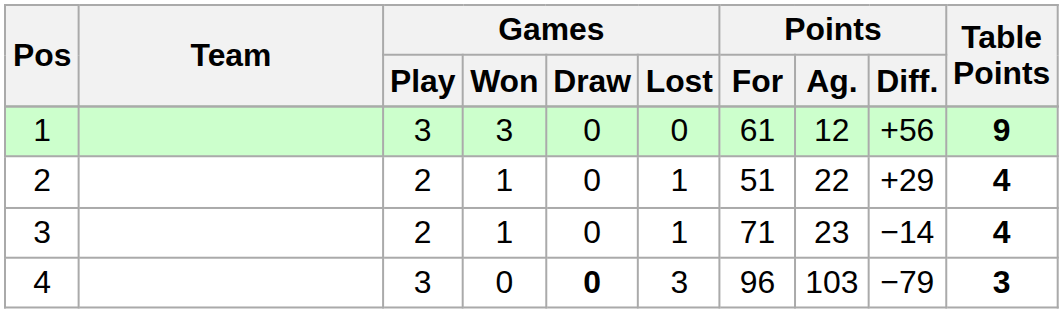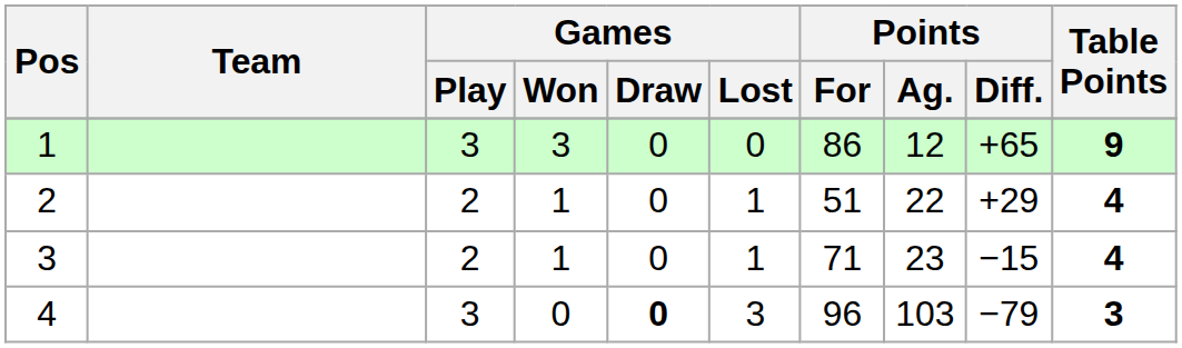 <table class="wikitable">
 <tr>
 <th rowspan=2 width=30>Pos</th>
 <th rowspan=2 width=145>Team</th>
 <th colspan=4 width=120>Games</th>
 <th colspan=3 width=90>Points</th>
 <th rowspan=2 width=30>Table <br>Points</th>
 </tr>
 <tr>
 <th width=30>Play</th>
 <th width=30>Won</th>
 <th width=30>Draw</th>
 <th width=30>Lost</th>
 <th width=30>For</th>
 <th width=30>Ag.</th>
 <th width=30>Diff.</th>
 </tr>
 <tr>
 </tr>
 <tr bgcolor=#ccffcc align=center>
 <td>1</td>
 <td align=left></td>
 <td>3</td>
 <td>3</td>
 <td>0</td>
 <td>0</td>
-<td>61</td>
+<td>86</td>
 <td>12</td>
-<td>+56</td>
+<td>+65</td>
 <td><strong>9</strong></td>
 </tr>
 <tr bgcolor=#ffffff align=center>
 <td>2</td>
 <td align=left></td>
 <td>2</td>
 <td>1</td>
 <td>0</td>
 <td>1</td>
 <td>51</td>
 <td>22</td>
 <td>+29</td>
 <td><strong>4</strong></td>
 </tr>
 <tr bgcolor=#ffffff align=center>
 <td>3</td>
 <td align=left></td>
 <td>2</td>
 <td>1</td>
 <td>0</td>
 <td>1</td>
 <td>71</td>
 <td>23</td>
-<td>−14</td>
+<td>−15</td>
 <td><strong>4</strong></td>
 </tr>
 <tr bgcolor=#ffffff align=center>
 <td>4</td>
 <td align=left></td>
 <td>3</td>
 <td>0</td>
 <td><strong>0</strong></td>
 <td>3</td>
 <td>96</td>
 <td>103</td>
 <td>−79</td>
 <td><strong>3</strong></td>
 </tr>
 </table>
